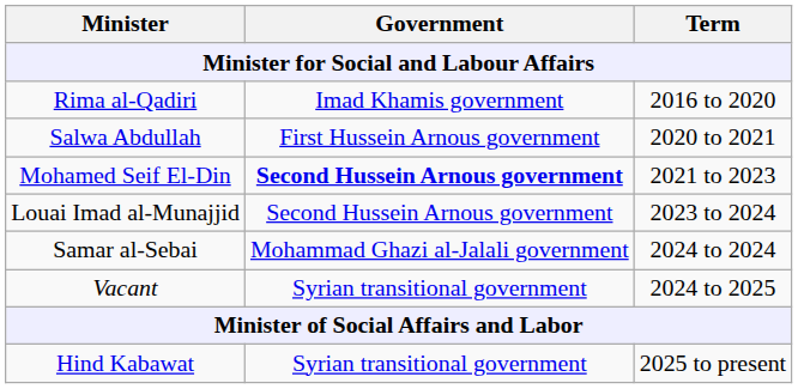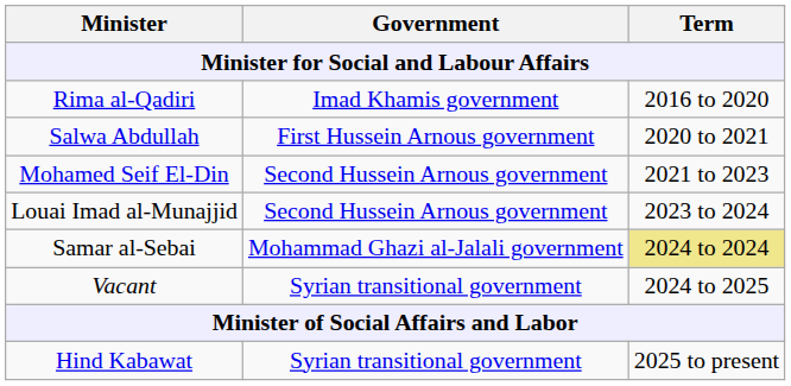 <table class="wikitable" style="text-align:center;">
 <tr>
 <th>Minister</th>
 <th>Government</th>
 <th>Term</th>
 </tr>
 <tr>
 <th style="background:#EEEEFF" colspan="6">Minister for Social and Labour Affairs</th>
 </tr>
 <tr>
 <td><a href='#'>Rima al-Qadiri</a></td>
 <td><a href='#'>Imad Khamis government</a></td>
 <td>2016 to 2020</td>
 </tr>
 <tr>
 <td><a href='#'>Salwa Abdullah</a></td>
 <td><a href='#'>First Hussein Arnous government</a></td>
 <td>2020 to 2021</td>
 </tr>
 <tr>
 <td><a href='#'>Mohamed Seif El-Din</a></td>
-<td><strong><a href='#'>Second Hussein Arnous government</a></strong></td>
+<td><a href='#'>Second Hussein Arnous government</a></td>
 <td>2021 to 2023</td>
 </tr>
 <tr>
 <td>Louai Imad al-Munajjid</td>
 <td><a href='#'>Second Hussein Arnous government</a></td>
 <td>2023 to 2024</td>
 </tr>
 <tr>
 <td>Samar al-Sebai</td>
 <td><a href='#'>Mohammad Ghazi al-Jalali government</a></td>
-<td>2024 to 2024</td>
+<td style="background: khaki;">2024 to 2024</td>
 </tr>
 <tr>
 <td><em>Vacant</em></td>
 <td><a href='#'>Syrian transitional government</a></td>
 <td>2024 to 2025</td>
 </tr>
 <tr>
 <th style="background:#EEEEFF" colspan="6">Minister of Social Affairs and Labor</th>
 </tr>
 <tr>
 <td><a href='#'>Hind Kabawat</a></td>
 <td><a href='#'>Syrian transitional government</a></td>
 <td>2025 to present</td>
 </tr>
 </table>
